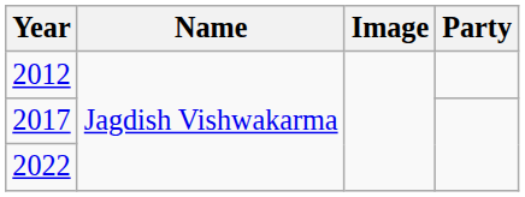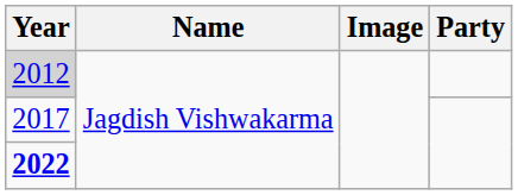 <table class="wikitable sortable">
 <tr>
 <th>Year</th>
 <th>Name</th>
 <th>Image</th>
 <th colspan="2">Party</th>
 </tr>
 <tr>
-<td><a href='#'>2012</a></td>
+<td style="background: lightgrey;"><a href='#'>2012</a></td>
 <td rowspan="3"><a href='#'>Jagdish Vishwakarma</a></td>
 <td rowspan="3"></td>
 <td></td>
 </tr>
 <tr>
 <td><a href='#'>2017</a></td>
 </tr>
 <tr>
-<td><a href='#'>2022</a></td>
+<td><strong><a href='#'>2022</a></strong></td>
 </tr>
 </table>
